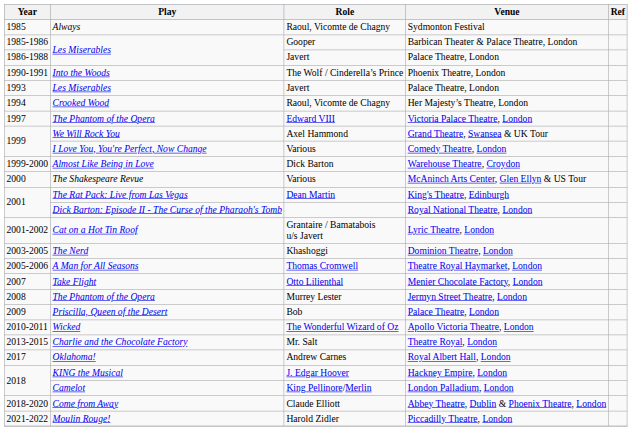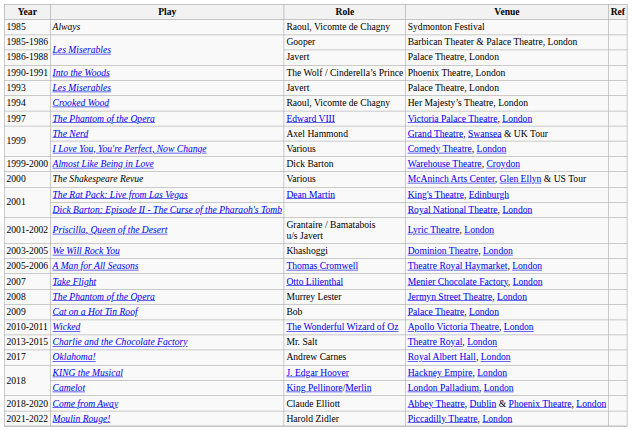 <table class="wikitable">
 <tr style="background:#b0c4de; text-align:center;">
 <th>Year</th>
 <th>Play</th>
 <th>Role</th>
 <th>Venue</th>
 <th>Ref</th>
 </tr>
 <tr>
 <td>1985</td>
 <td><em>Always</em></td>
 <td>Raoul, Vicomte de Chagny</td>
 <td>Sydmonton Festival</td>
 <td></td>
 </tr>
 <tr>
 <td>1985-1986</td>
 <td rowspan=2><a href='#'><em>Les Miserables</em></a></td>
 <td>Gooper</td>
 <td>Barbican Theater & Palace Theatre, London</td>
 <td></td>
 </tr>
 <tr>
 <td>1986-1988</td>
 <td>Javert</td>
 <td>Palace Theatre, London</td>
 <td></td>
 </tr>
 <tr>
 <td>1990-1991</td>
 <td><em><a href='#'>Into the Woods</a></em></td>
 <td>The Wolf / Cinderella’s Prince</td>
 <td>Phoenix Theatre, London</td>
 <td></td>
 </tr>
 <tr>
 <td>1993</td>
 <td><a href='#'><em>Les Miserables</em></a></td>
 <td>Javert</td>
 <td>Palace Theatre, London</td>
 <td></td>
 </tr>
 <tr>
 <td>1994</td>
 <td><em><a href='#'>Crooked Wood</a></em></td>
 <td>Raoul, Vicomte de Chagny</td>
 <td>Her Majesty’s Theatre, London</td>
 <td></td>
 </tr>
 <tr>
 <td>1997</td>
 <td><a href='#'><em>The Phantom of the Opera</em></a></td>
 <td><a href='#'>Edward VIII</a></td>
 <td><a href='#'>Victoria Palace Theatre</a>, <a href='#'>London</a></td>
 <td></td>
 </tr>
 <tr>
 <td rowspan="2">1999</td>
-<td><em><a href='#'>We Will Rock You</a></em></td>
+<td><em><a href='#'>The Nerd</a></em></td>
 <td>Axel Hammond</td>
 <td><a href='#'>Grand Theatre</a>, <a href='#'>Swansea</a> & UK Tour</td>
 <td></td>
 </tr>
 <tr>
 <td><em><a href='#'>I Love You, You're Perfect, Now Change</a></em></td>
 <td>Various</td>
 <td><a href='#'>Comedy Theatre</a>, <a href='#'>London</a></td>
 <td></td>
 </tr>
 <tr>
 <td>1999-2000</td>
 <td><em><a href='#'>Almost Like Being in Love</a></em></td>
 <td>Dick Barton</td>
 <td><a href='#'>Warehouse Theatre</a>, <a href='#'>Croydon</a></td>
 <td></td>
 </tr>
 <tr>
 <td>2000</td>
 <td><em>The Shakespeare Revue</em></td>
 <td>Various</td>
 <td><a href='#'>McAninch Arts Center</a>, <a href='#'>Glen Ellyn</a> & US Tour</td>
 <td></td>
 </tr>
 <tr>
 <td rowspan="2">2001</td>
 <td><em><a href='#'>The Rat Pack: Live from Las Vegas</a></em></td>
 <td><a href='#'>Dean Martin</a></td>
 <td><a href='#'>King's Theatre</a>, <a href='#'>Edinburgh</a></td>
 <td></td>
 </tr>
 <tr>
 <td><em><a href='#'>Dick Barton: Episode II - The Curse of the Pharaoh's Tomb</a></em></td>
 <td></td>
 <td><a href='#'>Royal National Theatre</a>, <a href='#'>London</a></td>
 <td></td>
 </tr>
 <tr>
 <td>2001-2002</td>
-<td><em><a href='#'>Cat on a Hot Tin Roof</a></em></td>
+<td><em><a href='#'>Priscilla, Queen of the Desert</a></em></td>
 <td>Grantaire / Bamatabois<br>u/s Javert</td>
 <td><a href='#'>Lyric Theatre</a>, <a href='#'>London</a></td>
 <td></td>
 </tr>
 <tr>
 <td>2003-2005</td>
-<td><em><a href='#'>The Nerd</a></em></td>
+<td><em><a href='#'>We Will Rock You</a></em></td>
 <td>Khashoggi</td>
 <td><a href='#'>Dominion Theatre</a>, <a href='#'>London</a></td>
 <td></td>
 </tr>
 <tr>
 <td>2005-2006</td>
 <td><em><a href='#'>A Man for All Seasons</a></em></td>
 <td><a href='#'>Thomas Cromwell</a></td>
 <td><a href='#'>Theatre Royal Haymarket</a>, <a href='#'>London</a></td>
 <td></td>
 </tr>
 <tr>
 <td>2007</td>
 <td><em><a href='#'>Take Flight</a></em></td>
 <td><a href='#'>Otto Lilienthal</a></td>
 <td><a href='#'>Menier Chocolate Factory</a>, <a href='#'>London</a></td>
 <td></td>
 </tr>
 <tr>
 <td>2008</td>
 <td><a href='#'><em>The Phantom of the Opera</em></a></td>
 <td>Murrey Lester</td>
 <td><a href='#'>Jermyn Street Theatre</a>, <a href='#'>London</a></td>
 <td></td>
 </tr>
 <tr>
 <td>2009</td>
-<td><em><a href='#'>Priscilla, Queen of the Desert</a></em></td>
+<td><em><a href='#'>Cat on a Hot Tin Roof</a></em></td>
 <td>Bob</td>
 <td><a href='#'>Palace Theatre</a>, <a href='#'>London</a></td>
 <td></td>
 </tr>
 <tr>
 <td>2010-2011</td>
 <td><em><a href='#'>Wicked</a></em></td>
 <td><a href='#'>The Wonderful Wizard of Oz</a></td>
 <td><a href='#'>Apollo Victoria Theatre</a>, <a href='#'>London</a></td>
 <td></td>
 </tr>
 <tr>
 <td>2013-2015</td>
 <td><em><a href='#'>Charlie and the Chocolate Factory</a></em></td>
 <td>Mr. Salt</td>
 <td><a href='#'>Theatre Royal</a>, <a href='#'>London</a></td>
 <td></td>
 </tr>
 <tr>
 <td>2017</td>
 <td><em><a href='#'>Oklahoma!</a></em></td>
 <td>Andrew Carnes</td>
 <td><a href='#'>Royal Albert Hall</a>, <a href='#'>London</a></td>
 <td></td>
 </tr>
 <tr>
 <td rowspan="2">2018</td>
 <td><em><a href='#'>KING the Musical</a></em></td>
 <td><a href='#'>J. Edgar Hoover</a></td>
 <td><a href='#'>Hackney Empire</a>, <a href='#'>London</a></td>
 <td></td>
 </tr>
 <tr>
 <td><em><a href='#'>Camelot</a></em></td>
 <td><a href='#'>King Pellinore</a>/<a href='#'>Merlin</a></td>
 <td><a href='#'>London Palladium</a>, <a href='#'>London</a></td>
 <td></td>
 </tr>
 <tr>
 <td>2018-2020</td>
 <td><em><a href='#'>Come from Away</a></em></td>
 <td>Claude Elliott</td>
 <td><a href='#'>Abbey Theatre</a>, <a href='#'>Dublin</a> & <a href='#'>Phoenix Theatre</a>, <a href='#'>London</a></td>
 <td></td>
 </tr>
 <tr>
 <td>2021-2022</td>
 <td><em><a href='#'>Moulin Rouge!</a></em></td>
 <td>Harold Zidler</td>
 <td><a href='#'>Piccadilly Theatre</a>, <a href='#'>London</a></td>
 <td></td>
 </tr>
 <tr>
 </tr>
 </table>
